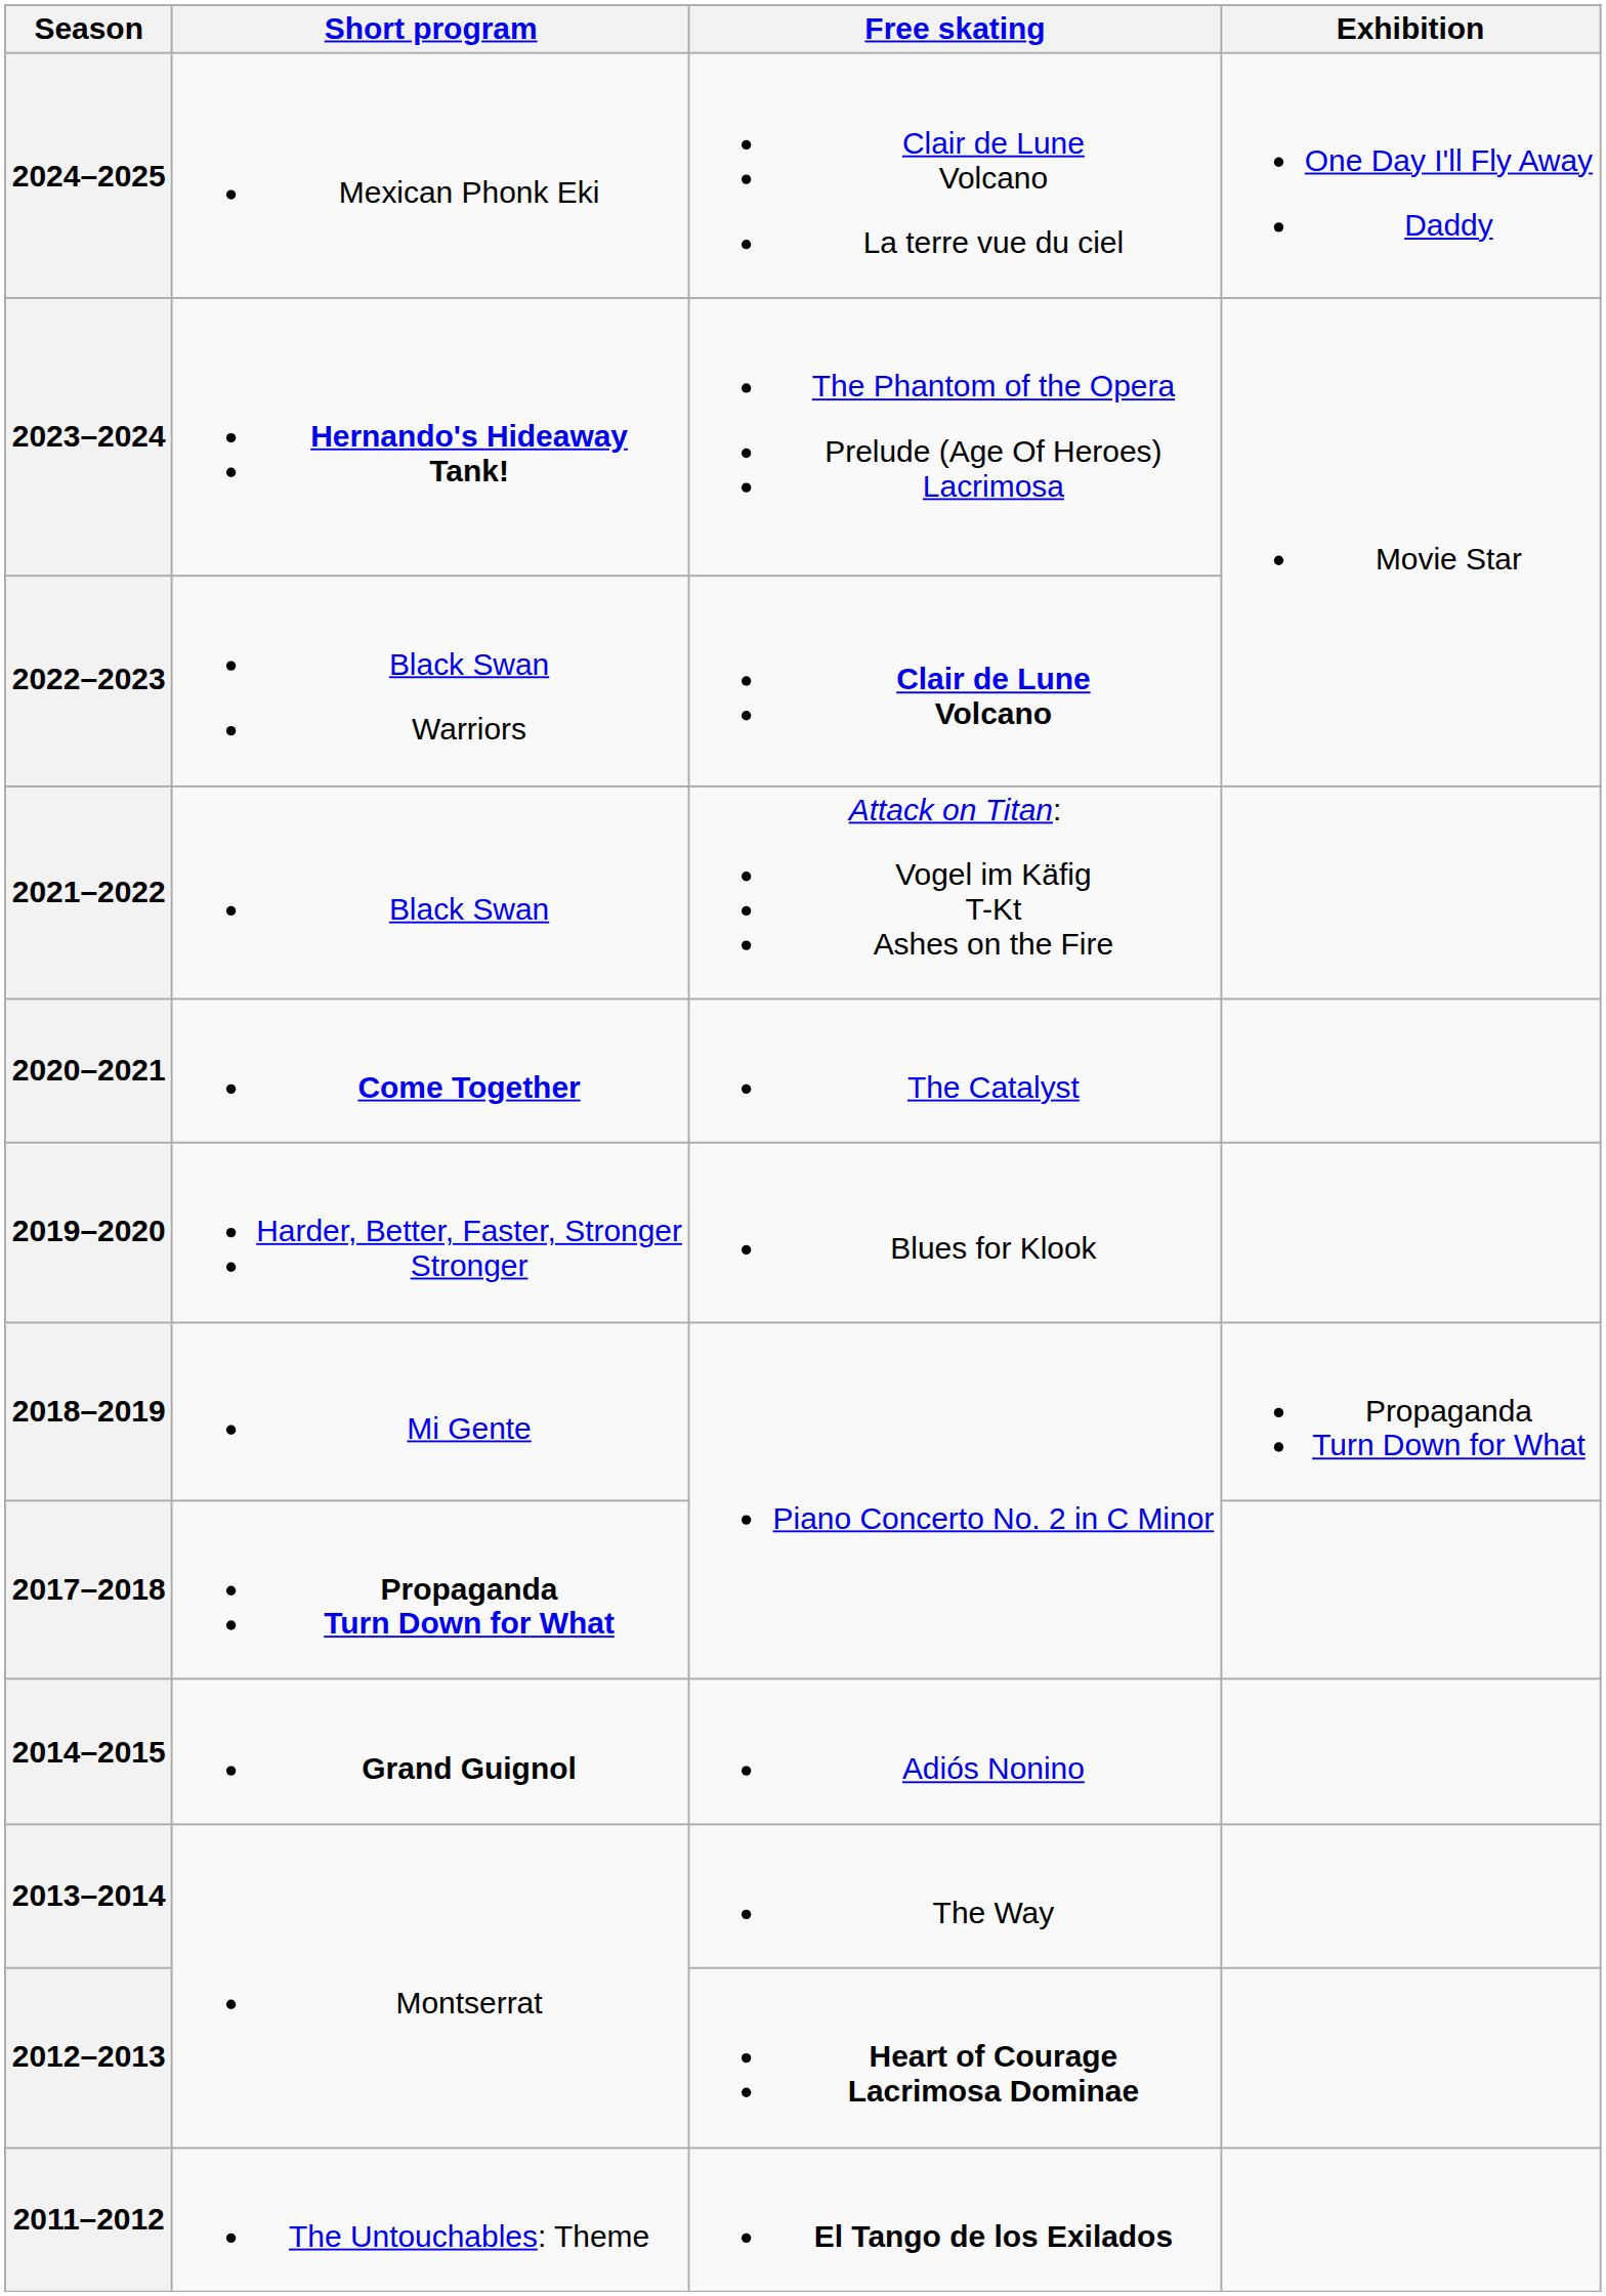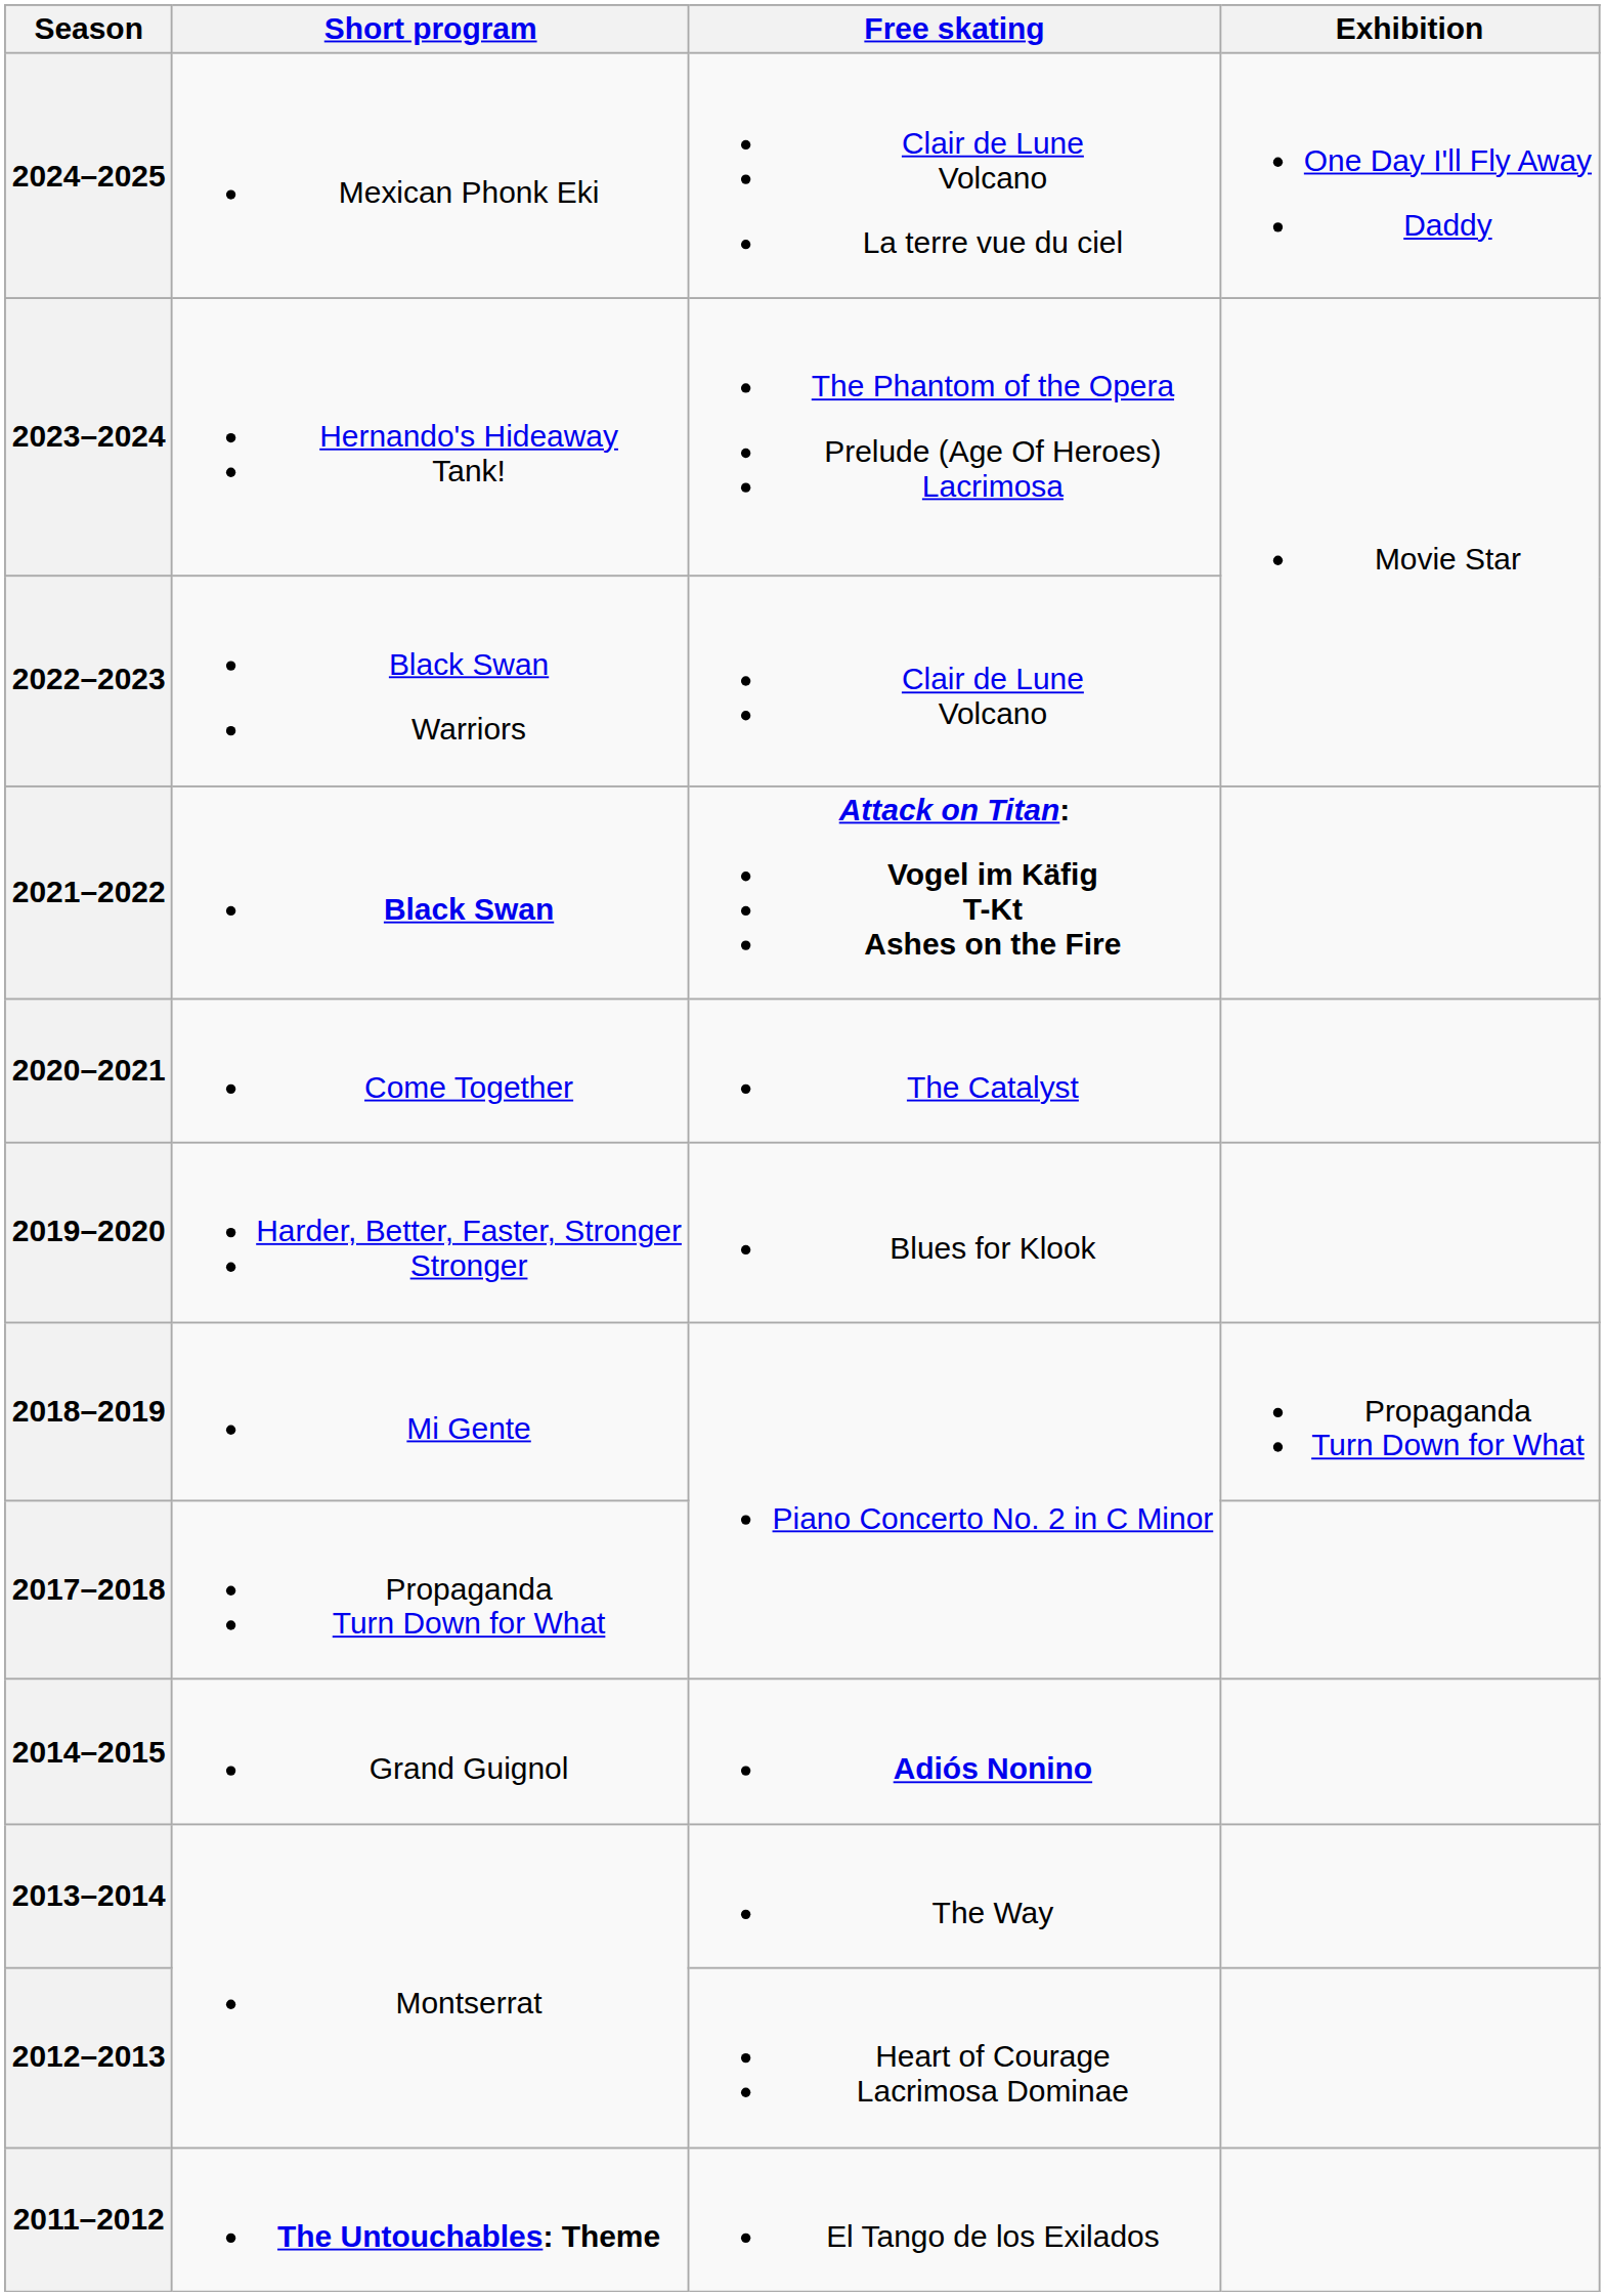 <table class=wikitable style=text-align:center>
 <tr>
 <th>Season</th>
 <th><a href='#'>Short program</a></th>
 <th><a href='#'>Free skating</a></th>
 <th>Exhibition</th>
 </tr>
 <tr>
 <th>2024–2025 <br> </th>
 <td><br><ul><li>Mexican Phonk Eki <br> </li></ul></td>
 <td><br><ul><li><a href='#'>Clair de Lune</a> <br></li><li>Volcano </li></ul><ul><li>La terre vue du ciel <br> </li></ul></td>
 <td><br><ul><li><a href='#'>One Day I'll Fly Away</a> <br> </li></ul><ul><li><a href='#'>Daddy</a> <br> </li></ul></td>
 </tr>
 <tr>
 <th>2023–2024 <br> </th>
-<td><strong><br><ul><li><a href='#'>Hernando's Hideaway</a> <br> </li><li>Tank! <br></li></ul></strong></td>
+<td><br><ul><li><a href='#'>Hernando's Hideaway</a> <br> </li><li>Tank! <br></li></ul></td>
 <td><br><ul><li><a href='#'>The Phantom of the Opera</a> <br> </li></ul><ul><li>Prelude (Age Of Heroes) <br> </li><li><a href='#'>Lacrimosa</a> </li></ul><br></td>
 <td rowspan=2><br><ul><li>Movie Star <br></li></ul></td>
 </tr>
 <tr>
 <th>2022–2023 <br> </th>
 <td><br><ul><li><a href='#'>Black Swan</a> <br> </li></ul><ul><li>Warriors <br> </li></ul></td>
-<td><strong><br><ul><li><a href='#'>Clair de Lune</a> <br></li><li>Volcano </li></ul></strong></td>
+<td><br><ul><li><a href='#'>Clair de Lune</a> <br></li><li>Volcano </li></ul></td>
 </tr>
 <tr>
 <th>2021–2022 <br> </th>
-<td><br><ul><li><a href='#'>Black Swan</a> <br> </li></ul></td>
-<td><em><a href='#'>Attack on Titan</a></em>:<br><ul><li>Vogel im Käfig <br></li><li>T-Kt <br></li><li>Ashes on the Fire <br></li></ul></td>
+<td><strong><br><ul><li><a href='#'>Black Swan</a> <br> </li></ul></strong></td>
+<td><strong><em><a href='#'>Attack on Titan</a></em>:<br><ul><li>Vogel im Käfig <br></li><li>T-Kt <br></li><li>Ashes on the Fire <br></li></ul></strong></td>
 <td></td>
 </tr>
 <tr>
 <th>2020–2021 <br> </th>
-<td><strong><br><ul><li><a href='#'>Come Together</a> <br> </li></ul></strong></td>
+<td><br><ul><li><a href='#'>Come Together</a> <br> </li></ul></td>
 <td><br><ul><li><a href='#'>The Catalyst</a> <br></li></ul></td>
 <td></td>
 </tr>
 <tr Nikolai Morozov>
 <th>2019–2020 <br> </th>
 <td><br><ul><li><a href='#'>Harder, Better, Faster, Stronger</a> <br> </li><li><a href='#'>Stronger</a> <br> </li></ul></td>
 <td><br><ul><li>Blues for Klook <br></li></ul></td>
 <td></td>
 </tr>
 <tr>
 <th>2018–2019 <br> </th>
 <td><br><ul><li><a href='#'>Mi Gente</a> <br></li></ul></td>
 <td rowspan=2><br><ul><li><a href='#'>Piano Concerto No. 2 in C Minor</a> <br></li></ul></td>
 <td><br><ul><li>Propaganda <br></li><li><a href='#'>Turn Down for What</a> <br></li></ul></td>
 </tr>
 <tr>
 <th>2017–2018 <br></th>
-<td><strong><br><ul><li>Propaganda <br></li><li><a href='#'>Turn Down for What</a> <br></li></ul></strong></td>
+<td><br><ul><li>Propaganda <br></li><li><a href='#'>Turn Down for What</a> <br></li></ul></td>
 <td></td>
 </tr>
 <tr>
 <th>2014–2015 <br></th>
-<td><strong><br><ul><li>Grand Guignol <br></li></ul></strong></td>
-<td><br><ul><li><a href='#'>Adiós Nonino</a> <br></li></ul></td>
+<td><br><ul><li>Grand Guignol <br></li></ul></td>
+<td><strong><br><ul><li><a href='#'>Adiós Nonino</a> <br></li></ul></strong></td>
 <td></td>
 </tr>
 <tr>
 <th>2013–2014 <br></th>
 <td rowspan=2><br><ul><li>Montserrat <br></li></ul></td>
 <td><br><ul><li>The Way <br></li></ul></td>
 <td></td>
 </tr>
 <tr>
 <th>2012–2013 <br></th>
-<td><strong><br><ul><li>Heart of Courage <br></li><li>Lacrimosa Dominae <br></li></ul></strong></td>
+<td><br><ul><li>Heart of Courage <br></li><li>Lacrimosa Dominae <br></li></ul></td>
 <td></td>
 </tr>
 <tr>
 <th>2011–2012 <br></th>
-<td><br><ul><li><a href='#'>The Untouchables</a>: Theme <br></li></ul></td>
-<td><strong><br><ul><li>El Tango de los Exilados <br></li></ul></strong></td>
+<td><strong><br><ul><li><a href='#'>The Untouchables</a>: Theme <br></li></ul></strong></td>
+<td><br><ul><li>El Tango de los Exilados <br></li></ul></td>
 <td></td>
 </tr>
 </table>
